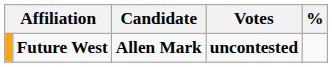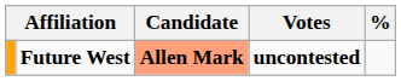 <table class="wikitable col4right col5right" style="font-size:90%">
 <tr>
 <th colspan="2">Affiliation</th>
 <th>Candidate</th>
 <th>Votes</th>
 <th>%</th>
 </tr>
 <tr>
 <td style="background:#ffa500"></td>
 <td><strong>Future West</strong></td>
-<td><strong>Allen Mark</strong></td>
+<td style="background: lightsalmon;"><strong>Allen Mark</strong></td>
 <td><strong>uncontested</strong></td>
 <td></td>
 </tr>
 </table>
